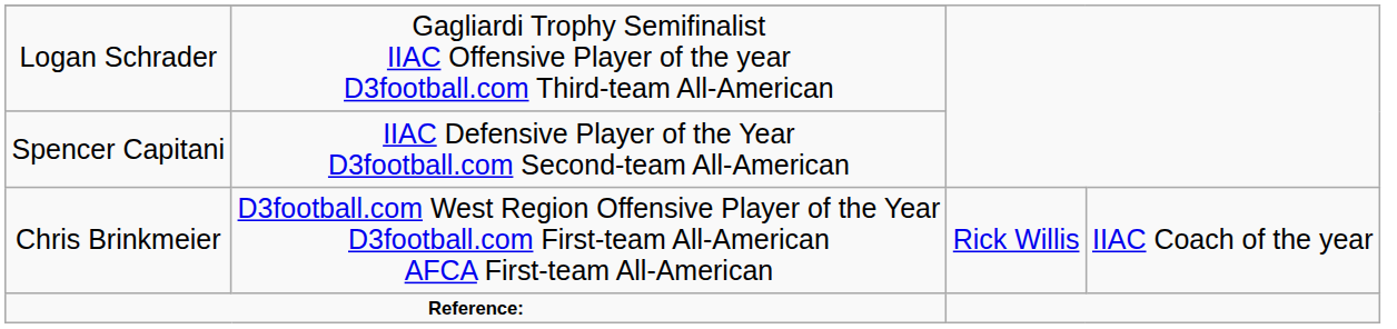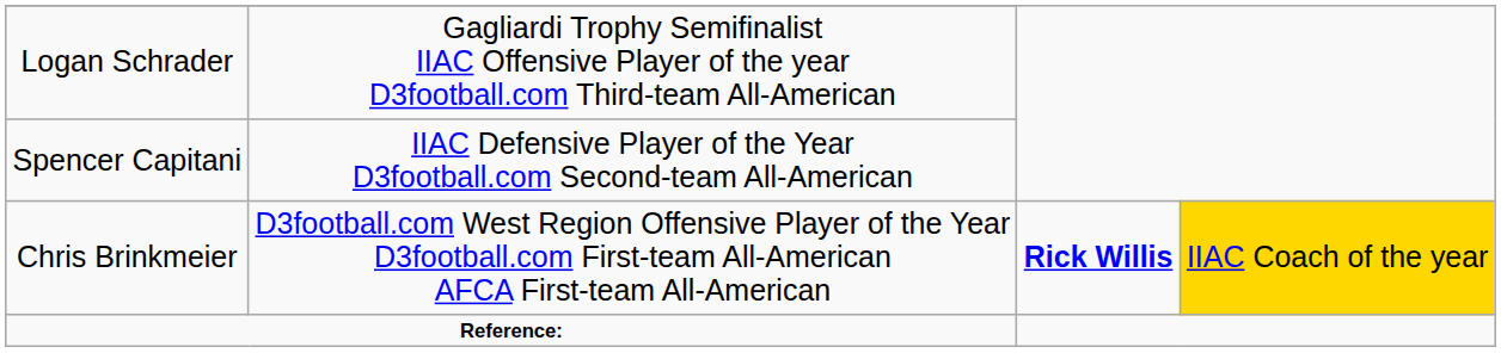 <table class="wikitable sortable sortable" style="text-align: center">
 <tr align=center>
 </tr>
 <tr>
 <td>Logan Schrader</td>
 <td>Gagliardi Trophy Semifinalist<br><a href='#'>IIAC</a> Offensive Player of the year<br><a href='#'>D3football.com</a> Third-team All-American</td>
 </tr>
 <tr>
 <td>Spencer Capitani</td>
 <td><a href='#'>IIAC</a> Defensive Player of the Year<br><a href='#'>D3football.com</a> Second-team All-American</td>
 </tr>
 <tr>
 <td>Chris Brinkmeier</td>
 <td><a href='#'>D3football.com</a> West Region Offensive Player of the Year<br><a href='#'>D3football.com</a> First-team All-American<br><a href='#'>AFCA</a> First-team All-American<br></td>
-<td><a href='#'>Rick Willis</a></td>
-<td><a href='#'>IIAC</a> Coach of the year</td>
+<td><strong><a href='#'>Rick Willis</a></strong></td>
+<td style="background: gold;"><a href='#'>IIAC</a> Coach of the year</td>
 </tr>
 <tr class="sortbottom">
 <td colspan="2"  style="font-size:8pt; text-align:center;"><strong>Reference:</strong></td>
 </tr>
 </table>
